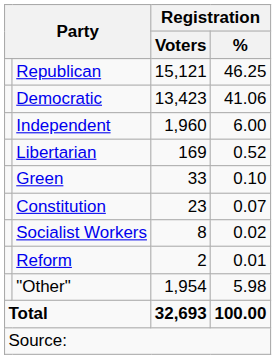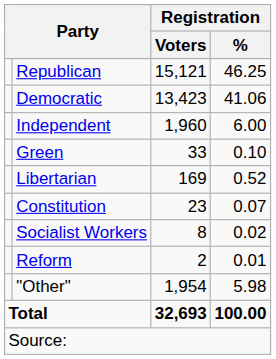 <table class="wikitable">
 <tr>
 <th colspan="2" rowspan="2">Party</th>
 <th colspan="2">Registration</th>
 </tr>
 <tr>
 <th>Voters</th>
 <th>%</th>
 </tr>
 <tr>
 <td style="background-color:"></td>
 <td><a href='#'>Republican</a></td>
 <td style="text-align:right;">15,121</td>
 <td style="text-align:right;">46.25</td>
 </tr>
 <tr>
 <td style="background-color:"></td>
 <td><a href='#'>Democratic</a></td>
 <td style="text-align:right;">13,423</td>
 <td style="text-align:right;">41.06</td>
 </tr>
 <tr>
 <td style="background-color:"></td>
 <td><a href='#'>Independent</a></td>
 <td style="text-align:right;">1,960</td>
 <td style="text-align:right;">6.00</td>
 </tr>
 <tr>
 <td style="background-color:"></td>
+<td><a href='#'>Green</a></td>
+<td style="text-align:right;">33</td>
+<td style="text-align:right;">0.10</td>
+</tr>
+<tr>
+<td style="background-color:"></td>
 <td><a href='#'>Libertarian</a></td>
 <td style="text-align:right;">169</td>
 <td style="text-align:right;">0.52</td>
-</tr>
-<tr>
-<td style="background-color:"></td>
-<td><a href='#'>Green</a></td>
-<td style="text-align:right;">33</td>
-<td style="text-align:right;">0.10</td>
 </tr>
 <tr>
 <td style="background-color:"></td>
 <td><a href='#'>Constitution</a></td>
 <td style="text-align:right;">23</td>
 <td style="text-align:right;">0.07</td>
 </tr>
 <tr>
 <td style="background-color:"></td>
 <td><a href='#'>Socialist Workers</a></td>
 <td style="text-align:right;">8</td>
 <td style="text-align:right;">0.02</td>
 </tr>
 <tr>
 <td style="background-color:"></td>
 <td><a href='#'>Reform</a></td>
 <td style="text-align:right;">2</td>
 <td style="text-align:right;">0.01</td>
 </tr>
 <tr>
 <td></td>
 <td>"Other"</td>
 <td style="text-align:right;">1,954</td>
 <td style="text-align:right;">5.98</td>
 </tr>
 <tr>
 <td colspan="2"><strong>Total</strong></td>
 <td style="text-align:right;"><strong>32,693</strong></td>
 <td style="text-align:right;"><strong>100.00</strong></td>
 </tr>
 <tr>
 <td colspan="4">Source: <em></em></td>
 </tr>
 </table>
